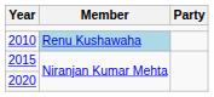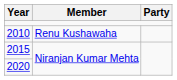 <table class="wikitable sortable">
 <tr>
 <th>Year</th>
 <th>Member</th>
 <th colspan="2">Party</th>
 </tr>
 <tr>
 <td colspan="4"></td>
 </tr>
 <tr>
 <td><a href='#'>2010</a></td>
-<td style="background: lightblue;"><a href='#'>Renu Kushawaha</a></td>
+<td><a href='#'>Renu Kushawaha</a></td>
 <td></td>
 </tr>
 <tr>
 <td><a href='#'>2015</a></td>
 <td rowspan="2"><a href='#'>Niranjan Kumar Mehta</a></td>
 </tr>
 <tr>
 <td><a href='#'>2020</a></td>
 </tr>
 </table>
